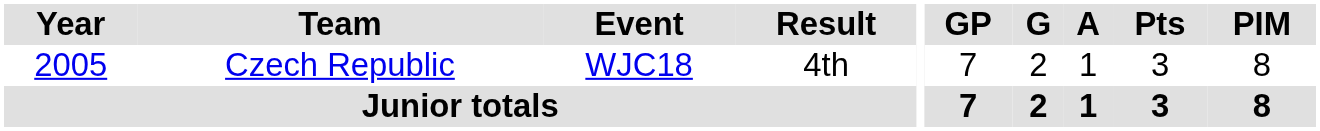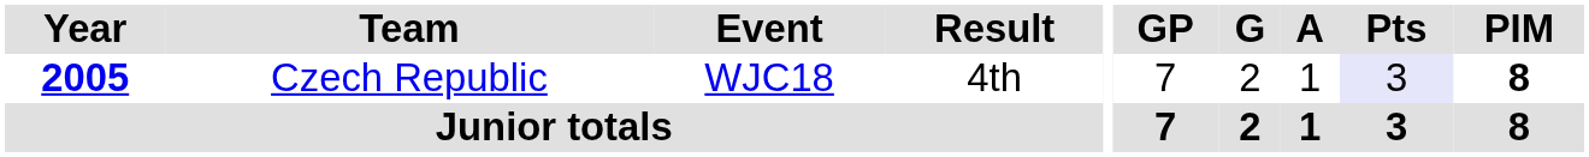 <table border="0" cellpadding="1" cellspacing="0" ID="Table3" style="text-align:center; width:40em">
 <tr ALIGN="center" bgcolor="#e0e0e0">
 <th>Year</th>
 <th>Team</th>
 <th>Event</th>
 <th>Result</th>
 <th rowspan="99" bgcolor="#ffffff"></th>
 <th>GP</th>
 <th>G</th>
 <th>A</th>
 <th>Pts</th>
 <th>PIM</th>
 </tr>
 <tr>
-<td><a href='#'>2005</a></td>
+<td><strong><a href='#'>2005</a></strong></td>
 <td><a href='#'>Czech Republic</a></td>
 <td><a href='#'>WJC18</a></td>
 <td>4th</td>
 <td>7</td>
 <td>2</td>
 <td>1</td>
-<td>3</td>
-<td>8</td>
+<td style="background: lavender;">3</td>
+<td><strong>8</strong></td>
 </tr>
 <tr bgcolor="#e0e0e0">
 <th colspan="4">Junior totals</th>
 <th>7</th>
 <th>2</th>
 <th>1</th>
 <th>3</th>
 <th>8</th>
 </tr>
 </table>
